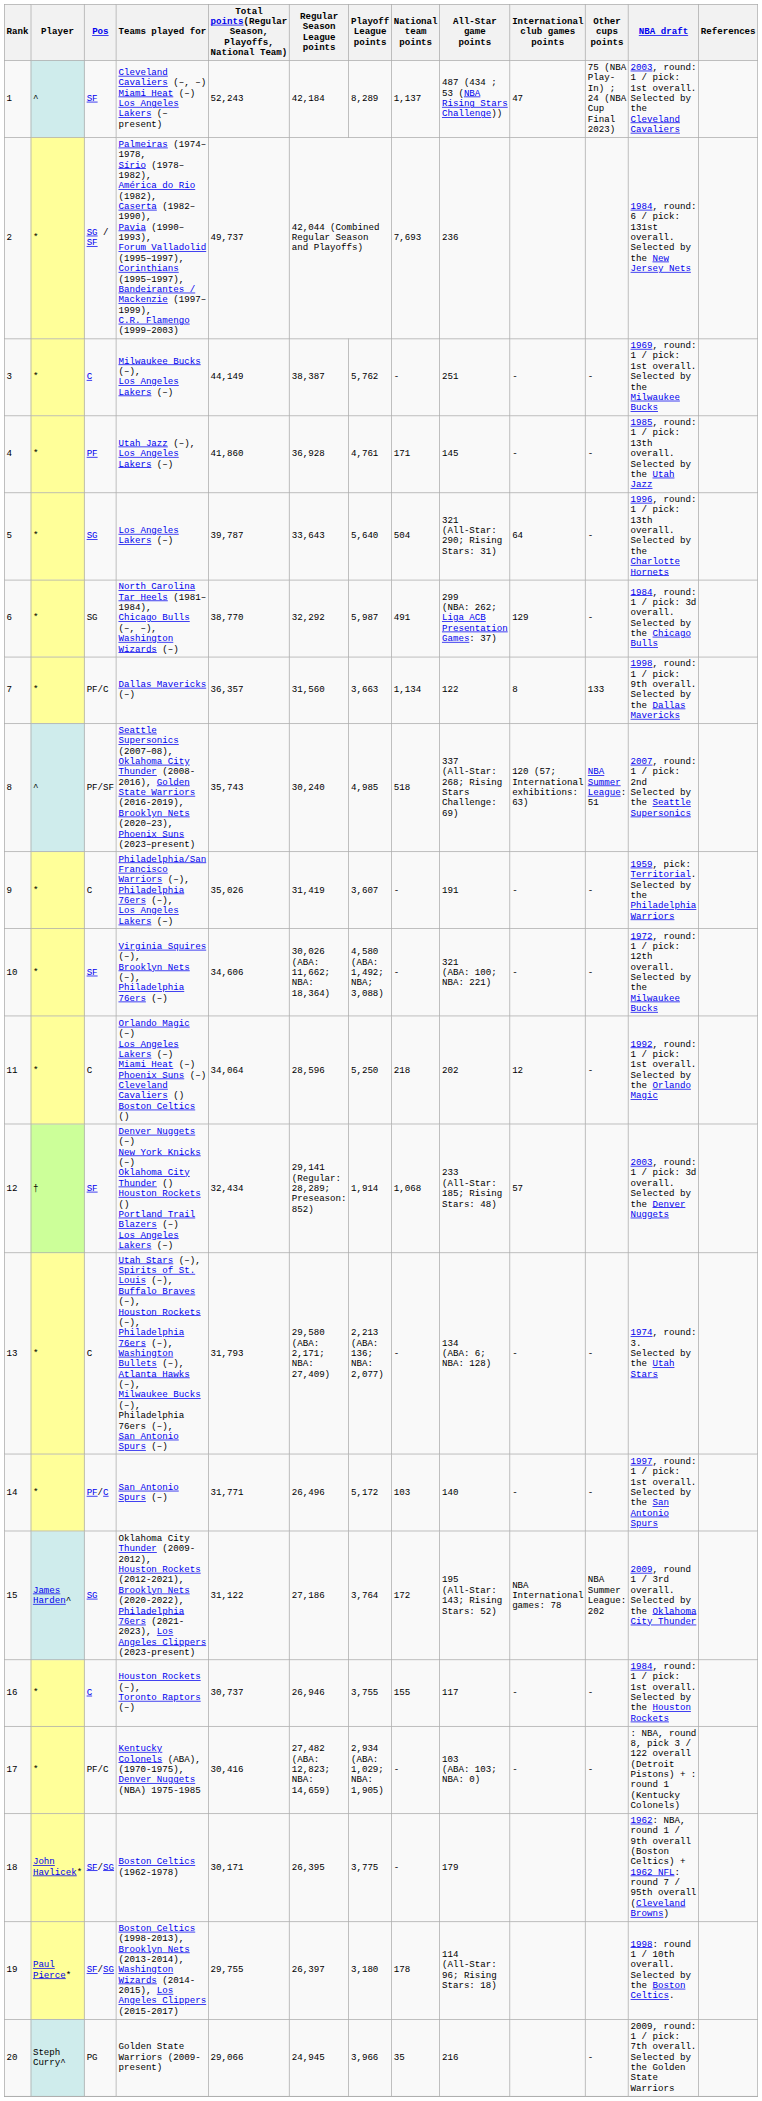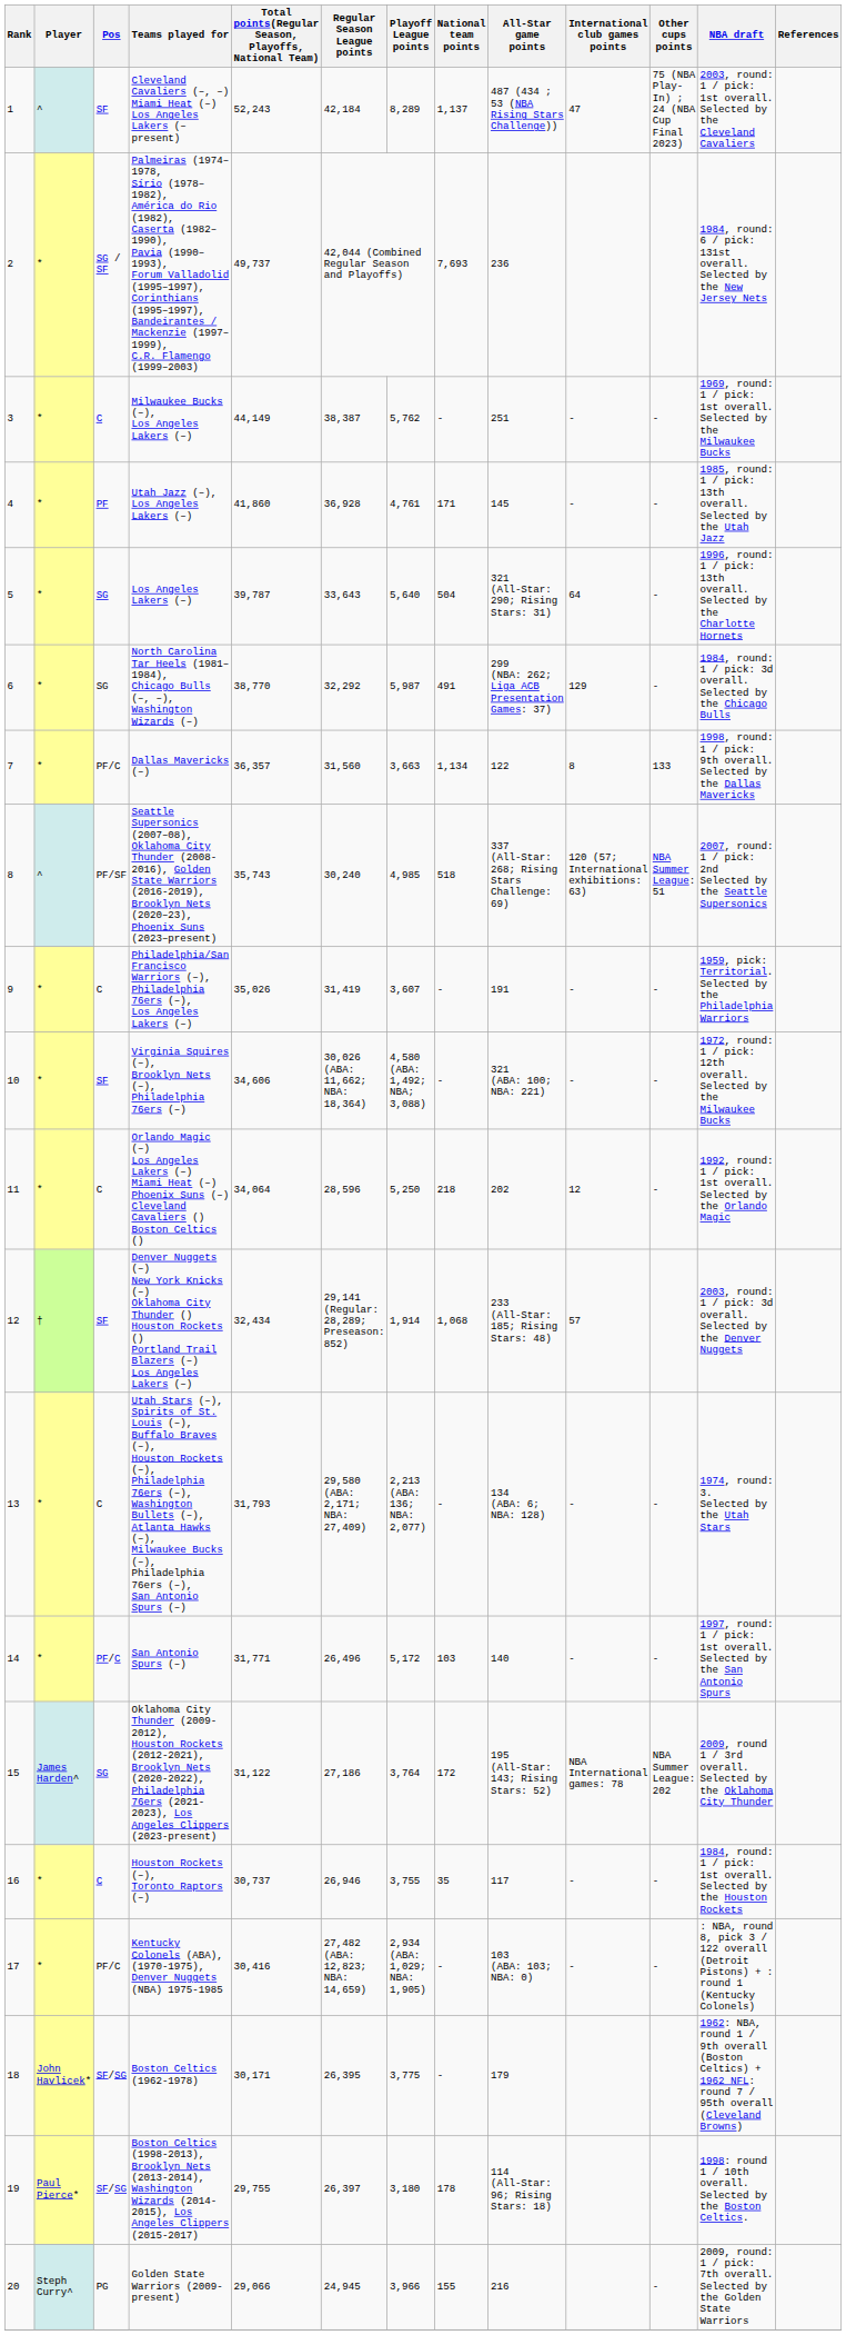 <table class="wikitable sortable" style="font-size: 95%;">
 <tr>
 <th>Rank</th>
 <th>Player</th>
 <th><a href='#'>Pos</a></th>
 <th class="unsortable">Teams played for</th>
 <th>Total <a href='#'>points</a>(Regular Season, Playoffs, National Team)</th>
 <th>Regular Season League <br> points</th>
 <th>Playoff League points</th>
 <th>National team <br> points</th>
 <th>All-Star game<br> points</th>
 <th>International club games <br> points</th>
 <th>Other cups <br> points</th>
 <th><a href='#'>NBA draft</a></th>
 <th>References</th>
 </tr>
 <tr>
 <td>1</td>
 <td bgcolor="#cfecec"> <strong></strong>^</td>
 <td><a href='#'>SF</a></td>
 <td><a href='#'>Cleveland Cavaliers</a> (–, –)<br><a href='#'>Miami Heat</a> (–)<br><a href='#'>Los Angeles Lakers</a> (–present)</td>
 <td>52,243</td>
 <td>42,184</td>
 <td>8,289</td>
 <td>1,137 </td>
 <td>487 (434 ; 53 (<a href='#'>NBA Rising Stars Challenge</a>))</td>
 <td>47 </td>
 <td>75 (NBA Play-In) ; 24 (NBA Cup Final 2023)</td>
 <td><a href='#'>2003</a>, round: 1 / pick: 1st overall.<br> Selected by the <a href='#'>Cleveland Cavaliers</a></td>
 <td></td>
 </tr>
 <tr>
 <td>2</td>
 <td bgcolor="#ffff99"> *</td>
 <td><a href='#'>SG</a> / <a href='#'>SF</a></td>
 <td><a href='#'>Palmeiras</a> (1974–1978,<br><a href='#'>Sírio</a> (1978–1982),<br><a href='#'>América do Rio</a> (1982), <br><a href='#'>Caserta</a> (1982–1990),<br><a href='#'>Pavia</a> (1990–1993),<br><a href='#'>Forum Valladolid</a> (1995–1997),<br><a href='#'>Corinthians</a> (1995–1997),<br><a href='#'>Bandeirantes / Mackenzie</a> (1997–1999),<br><a href='#'>C.R. Flamengo</a> (1999–2003)</td>
 <td>49,737</td>
 <td colspan="2">42,044  (Combined Regular Season and Playoffs)</td>
 <td>7,693 </td>
 <td>236 </td>
 <td></td>
 <td></td>
 <td><a href='#'>1984</a>, round: 6 / pick: 131st overall.<br>Selected by the <a href='#'>New Jersey Nets</a></td>
 <td></td>
 </tr>
 <tr>
 <td>3</td>
 <td bgcolor="#ffff99"> *</td>
 <td><a href='#'>C</a></td>
 <td><a href='#'>Milwaukee Bucks</a> (–),<br><a href='#'>Los Angeles Lakers</a> (–)</td>
 <td>44,149</td>
 <td>38,387</td>
 <td>5,762</td>
 <td>-</td>
 <td>251</td>
 <td>-</td>
 <td>-</td>
 <td><a href='#'>1969</a>, round: 1 / pick: 1st overall.<br>Selected by the <a href='#'>Milwaukee Bucks</a></td>
 <td></td>
 </tr>
 <tr>
 <td>4</td>
 <td bgcolor="#ffff99"> *</td>
 <td><a href='#'>PF</a></td>
 <td><a href='#'>Utah Jazz</a> (–),<br><a href='#'>Los Angeles Lakers</a> (–)</td>
 <td>41,860</td>
 <td>36,928</td>
 <td>4,761</td>
 <td>171</td>
 <td>145</td>
 <td>-</td>
 <td>-</td>
 <td><a href='#'>1985</a>, round: 1 / pick: 13th overall.<br>Selected by the <a href='#'>Utah Jazz</a></td>
 <td></td>
 </tr>
 <tr>
 <td>5</td>
 <td bgcolor="#ffff99"> *</td>
 <td><a href='#'>SG</a></td>
 <td><a href='#'>Los Angeles Lakers</a> (–)</td>
 <td>39,787</td>
 <td>33,643</td>
 <td>5,640</td>
 <td>504</td>
 <td>321<br>(All-Star: 290; Rising Stars: 31) </td>
 <td>64</td>
 <td>-</td>
 <td><a href='#'>1996</a>, round: 1 / pick: 13th overall.<br> Selected by the <a href='#'>Charlotte Hornets</a></td>
 <td></td>
 </tr>
 <tr>
 <td>6</td>
 <td bgcolor="#ffff99"> *</td>
 <td>SG</td>
 <td><a href='#'>North Carolina Tar Heels</a> (1981–1984),<br><a href='#'>Chicago Bulls</a> (–, –),<br><a href='#'>Washington Wizards</a> (–)</td>
 <td>38,770</td>
 <td>32,292</td>
 <td>5,987</td>
 <td>491</td>
 <td>299<br>(NBA: 262; <a href='#'>Liga ACB Presentation Games</a>: 37) </td>
 <td>129 </td>
 <td>-</td>
 <td><a href='#'>1984</a>, round: 1 / pick: 3d overall.<br> Selected by the <a href='#'>Chicago Bulls</a></td>
 <td></td>
 </tr>
 <tr>
 <td>7</td>
 <td bgcolor="#ffff99"> *</td>
 <td>PF/C</td>
 <td><a href='#'>Dallas Mavericks</a> (–)</td>
 <td>36,357</td>
 <td>31,560</td>
 <td>3,663</td>
 <td>1,134 </td>
 <td>122</td>
 <td>8 </td>
 <td>133 </td>
 <td><a href='#'>1998</a>, round: 1 / pick: 9th overall.<br> Selected by the <a href='#'>Dallas Mavericks</a></td>
 <td></td>
 </tr>
 <tr>
 <td>8</td>
 <td bgcolor="#cfecec"> <strong></strong>^</td>
 <td>PF/SF</td>
 <td><a href='#'>Seattle Supersonics</a> (2007–08), <a href='#'>Oklahoma City Thunder</a> (2008-2016), <a href='#'>Golden State Warriors</a> (2016-2019), <a href='#'>Brooklyn Nets</a> (2020–23), <a href='#'>Phoenix Suns</a> (2023–present)</td>
 <td>35,743</td>
 <td>30,240</td>
 <td>4,985</td>
 <td>518 </td>
 <td>337<br>(All-Star: 268; Rising Stars Challenge: 69)</td>
 <td>120 (57; International exhibitions: 63)</td>
 <td><a href='#'>NBA Summer League</a>: 51</td>
 <td><a href='#'>2007</a>, round: 1 / pick: 2nd<br>Selected by the <a href='#'>Seattle Supersonics</a></td>
 <td></td>
 </tr>
 <tr>
 <td>9</td>
 <td bgcolor="#ffff99"> *</td>
 <td>C</td>
 <td><a href='#'>Philadelphia/San Francisco Warriors</a> (–),<br><a href='#'>Philadelphia 76ers</a> (–),<br><a href='#'>Los Angeles Lakers</a> (–)</td>
 <td>35,026</td>
 <td>31,419</td>
 <td>3,607</td>
 <td>-</td>
 <td>191</td>
 <td>-</td>
 <td>-</td>
 <td><a href='#'>1959</a>, pick: <a href='#'>Territorial</a>.<br>Selected by the <a href='#'>Philadelphia Warriors</a></td>
 <td></td>
 </tr>
 <tr>
 <td>10</td>
 <td bgcolor="#ffff99"> *</td>
 <td><a href='#'>SF</a></td>
 <td><a href='#'>Virginia Squires</a> (–),<br><a href='#'>Brooklyn Nets</a> (–),<br><a href='#'>Philadelphia 76ers</a> (–)</td>
 <td>34,606</td>
 <td>30,026<br>(ABA: 11,662; NBA: 18,364)</td>
 <td>4,580<br>(ABA: 1,492; NBA; 3,088)</td>
 <td>-</td>
 <td>321<br>(ABA: 100; NBA: 221) </td>
 <td>-</td>
 <td>-</td>
 <td><a href='#'>1972</a>, round: 1 / pick: 12th overall.<br> Selected by the <a href='#'>Milwaukee Bucks</a></td>
 <td></td>
 </tr>
 <tr>
 <td>11</td>
 <td bgcolor="#ffff99"> *</td>
 <td>C</td>
 <td><a href='#'>Orlando Magic</a> (–)<br><a href='#'>Los Angeles Lakers</a> (–)<br><a href='#'>Miami Heat</a> (–)<br><a href='#'>Phoenix Suns</a> (–)<br><a href='#'>Cleveland Cavaliers</a> ()<br><a href='#'>Boston Celtics</a> ()</td>
 <td>34,064</td>
 <td>28,596</td>
 <td>5,250</td>
 <td>218</td>
 <td>202</td>
 <td>12  </td>
 <td>-</td>
 <td><a href='#'>1992</a>, round: 1 / pick: 1st overall.<br> Selected by the <a href='#'>Orlando Magic</a></td>
 <td></td>
 </tr>
 <tr>
 <td>12</td>
 <td bgcolor="#CCFF99"> †</td>
 <td><a href='#'>SF</a></td>
 <td><a href='#'>Denver Nuggets</a> (–)<br><a href='#'>New York Knicks</a> (–)<br><a href='#'>Oklahoma City Thunder</a> ()<br><a href='#'>Houston Rockets</a> ()<br><a href='#'>Portland Trail Blazers</a> (–)<br><a href='#'>Los Angeles Lakers</a> (–)</td>
 <td>32,434</td>
 <td>29,141<br>(Regular: 28,289; Preseason: 852)</td>
 <td>1,914</td>
 <td>1,068</td>
 <td>233<br>(All-Star: 185; Rising Stars: 48)</td>
 <td>57  </td>
 <td></td>
 <td><a href='#'>2003</a>, round: 1 / pick: 3d overall.<br> Selected by the <a href='#'>Denver Nuggets</a></td>
 <td></td>
 </tr>
 <tr>
 <td>13</td>
 <td bgcolor="#ffff99"> *</td>
 <td>C</td>
 <td><a href='#'>Utah Stars</a> (–),<br><a href='#'>Spirits of St. Louis</a> (–),<br><a href='#'>Buffalo Braves</a> (–),<br><a href='#'>Houston Rockets</a> (–),<br><a href='#'>Philadelphia 76ers</a> (–),<br><a href='#'>Washington Bullets</a> (–),<br><a href='#'>Atlanta Hawks</a> (–),<br><a href='#'>Milwaukee Bucks</a> (–),<br>Philadelphia 76ers (–),<br><a href='#'>San Antonio Spurs</a> (–)</td>
 <td>31,793</td>
 <td>29,580<br>(ABA: 2,171; NBA: 27,409)</td>
 <td>2,213<br>(ABA: 136; NBA: 2,077)</td>
 <td>-</td>
 <td>134<br>(ABA: 6; NBA: 128) </td>
 <td>-</td>
 <td>-</td>
 <td><a href='#'>1974</a>, round: 3.<br> Selected by the <a href='#'>Utah Stars</a></td>
 <td></td>
 </tr>
 <tr>
 <td>14</td>
 <td bgcolor="#ffff99"> *</td>
 <td><a href='#'>PF</a>/<a href='#'>C</a></td>
 <td><a href='#'>San Antonio Spurs</a> (–)</td>
 <td>31,771</td>
 <td>26,496</td>
 <td>5,172</td>
 <td>103</td>
 <td>140</td>
 <td>-</td>
 <td>-</td>
 <td><a href='#'>1997</a>, round: 1 / pick: 1st overall.<br> Selected by the <a href='#'>San Antonio Spurs</a></td>
 <td></td>
 </tr>
 <tr>
 <td>15</td>
 <td bgcolor="#cfecec"><a href='#'>James Harden</a>^</td>
 <td><a href='#'>SG</a></td>
 <td>Oklahoma City <a href='#'>Thunder</a> (2009-2012),<br><a href='#'>Houston Rockets</a> (2012-2021), <a href='#'>Brooklyn Nets</a> (2020-2022), <a href='#'>Philadelphia 76ers</a> (2021-2023), <a href='#'>Los Angeles Clippers</a> (2023-present)</td>
 <td>31,122</td>
 <td>27,186</td>
 <td>3,764</td>
 <td>172 </td>
 <td>195<br>(All-Star: 143;  Rising Stars: 52)</td>
 <td>NBA International games: 78 </td>
 <td>NBA Summer League: 202</td>
 <td><a href='#'>2009</a>, round 1 / 3rd overall.<br>Selected by the <a href='#'>Oklahoma City Thunder</a></td>
 <td></td>
 </tr>
 <tr>
 <td>16</td>
 <td bgcolor="#ffff99"> *</td>
 <td><a href='#'>C</a></td>
 <td><a href='#'>Houston Rockets</a> (–),<br><a href='#'>Toronto Raptors</a> (–)<br></td>
 <td>30,737</td>
 <td>26,946</td>
 <td>3,755</td>
-<td>155</td>
+<td>35</td>
 <td>117</td>
 <td>-</td>
 <td>-</td>
 <td><a href='#'>1984</a>, round: 1 / pick: 1st overall.<br> Selected by the <a href='#'>Houston Rockets</a></td>
 <td></td>
 </tr>
 <tr>
 <td>17</td>
 <td bgcolor="#ffff99"> *</td>
 <td>PF/C</td>
 <td><a href='#'>Kentucky Colonels</a> (ABA), (1970-1975),<br><a href='#'>Denver Nuggets</a> (NBA) 1975-1985</td>
 <td>30,416</td>
 <td>27,482<br>(ABA: 12,823; NBA: 14,659)</td>
 <td>2,934<br>(ABA: 1,029; NBA: 1,905)</td>
 <td>-</td>
 <td>103<br>(ABA: 103; NBA: 0) </td>
 <td>-</td>
 <td>-</td>
 <td>: NBA, round 8, pick 3 / 122 overall (Detroit Pistons) + : round 1 (Kentucky Colonels)</td>
 <td></td>
 </tr>
 <tr>
 <td>18</td>
 <td bgcolor="#ffff99"><a href='#'>John Havlicek</a>*</td>
 <td><a href='#'>SF</a>/<a href='#'>SG</a></td>
 <td><a href='#'>Boston Celtics</a> (1962-1978)</td>
 <td>30,171</td>
 <td>26,395</td>
 <td>3,775</td>
 <td>-</td>
 <td>179</td>
 <td></td>
 <td></td>
 <td><a href='#'>1962</a>: NBA, round 1 / 9th overall (Boston Celtics) + <a href='#'>1962 NFL</a>: round 7 / 95th overall (<a href='#'>Cleveland Browns</a>)</td>
 <td></td>
 </tr>
 <tr>
 <td>19</td>
 <td bgcolor="#ffff99"><a href='#'>Paul Pierce</a>*</td>
 <td><a href='#'>SF</a>/<a href='#'>SG</a></td>
 <td><a href='#'>Boston Celtics</a> (1998-2013),<br><a href='#'>Brooklyn Nets</a> (2013-2014), <a href='#'>Washington Wizards</a> (2014-2015), <a href='#'>Los Angeles Clippers</a> (2015-2017)</td>
 <td>29,755</td>
 <td>26,397</td>
 <td>3,180</td>
 <td>178</td>
 <td>114<br>(All-Star: 96;  Rising Stars: 18)</td>
 <td></td>
 <td></td>
 <td><a href='#'>1998</a>: round 1 / 10th overall.<br>Selected by the <a href='#'>Boston Celtics</a>.</td>
 <td></td>
 </tr>
 <tr>
 <td>20</td>
 <td bgcolor="#cfecec"> Steph Curry^</td>
 <td>PG</td>
 <td>Golden State Warriors (2009-present)</td>
 <td>29,066</td>
 <td>24,945</td>
 <td>3,966</td>
-<td>35</td>
+<td>155</td>
 <td>216</td>
 <td></td>
 <td>-</td>
 <td>2009, round: 1 / pick: 7th overall.<br> Selected by the Golden State Warriors</td>
 <td></td>
 </tr>
 <tr>
 </tr>
 </table>
